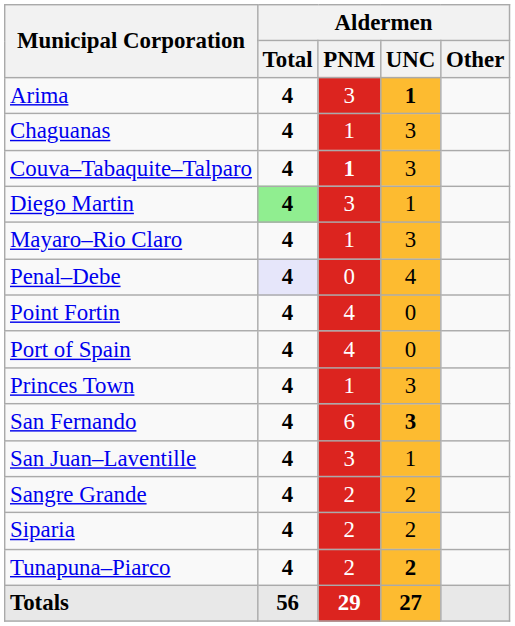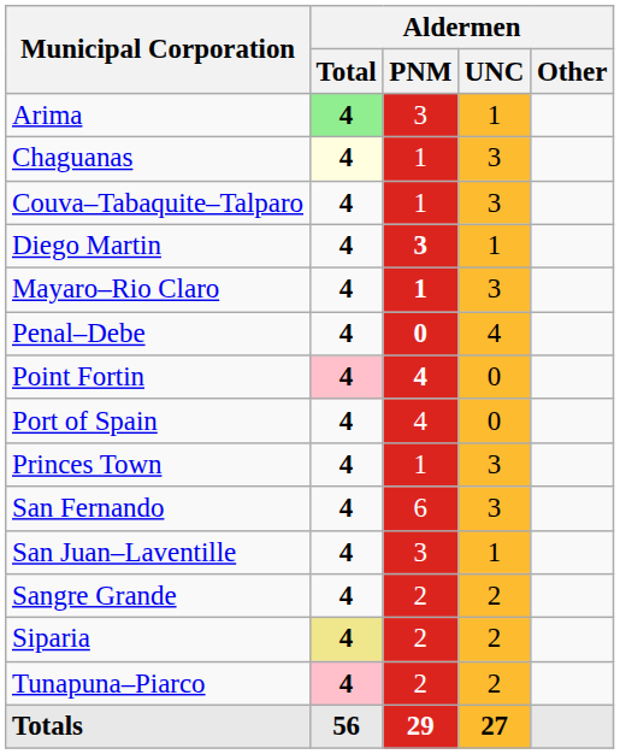 <table class="wikitable sortable" style="text-align:center">
 <tr>
 <th rowspan="2">Municipal Corporation</th>
 <th colspan="4">Aldermen</th>
 </tr>
 <tr>
 <th>Total</th>
 <th>PNM</th>
 <th>UNC</th>
 <th>Other</th>
 </tr>
 <tr>
 <td align="left"><a href='#'>Arima</a></td>
-<td><strong>4</strong></td>
+<td style="background: lightgreen;"><strong>4</strong></td>
 <td style="color:white; background:#DC241f;">3</td>
-<td style="background:#FDBB30;"><strong>1</strong></td>
+<td style="background:#FDBB30;">1</td>
 <td></td>
 </tr>
 <tr>
 <td align="left"><a href='#'>Chaguanas</a></td>
-<td><strong>4</strong></td>
+<td style="background: lightyellow;"><strong>4</strong></td>
 <td style="color:white; background:#DC241f;">1</td>
 <td style="background:#FDBB30;">3</td>
 <td></td>
 </tr>
 <tr>
 <td align="left"><a href='#'>Couva–Tabaquite–Talparo</a></td>
 <td><strong>4</strong></td>
-<td style="color:white; background:#DC241f;"><strong>1</strong></td>
+<td style="color:white; background:#DC241f;">1</td>
 <td style="background:#FDBB30;">3</td>
 <td></td>
 </tr>
 <tr>
 <td align="left"><a href='#'>Diego Martin</a></td>
-<td style="background: lightgreen;"><strong>4</strong></td>
-<td style="color:white; background:#DC241f;">3</td>
+<td><strong>4</strong></td>
+<td style="color:white; background:#DC241f;"><strong>3</strong></td>
 <td style="background:#FDBB30;">1</td>
 <td></td>
 </tr>
 <tr>
 <td align="left"><a href='#'>Mayaro–Rio Claro</a></td>
 <td><strong>4</strong></td>
-<td style="color:white; background:#DC241f;">1</td>
+<td style="color:white; background:#DC241f;"><strong>1</strong></td>
 <td style="background:#FDBB30;">3</td>
 <td></td>
 </tr>
 <tr>
 <td align="left"><a href='#'>Penal–Debe</a></td>
-<td style="background: lavender;"><strong>4</strong></td>
-<td style="color:white; background:#DC241f;">0</td>
+<td><strong>4</strong></td>
+<td style="color:white; background:#DC241f;"><strong>0</strong></td>
 <td style="background:#FDBB30;">4</td>
 <td></td>
 </tr>
 <tr>
 <td align="left"><a href='#'>Point Fortin</a></td>
-<td><strong>4</strong></td>
-<td style="color:white; background:#DC241f;">4</td>
+<td style="background: pink;"><strong>4</strong></td>
+<td style="color:white; background:#DC241f;"><strong>4</strong></td>
 <td style="background:#FDBB30;">0</td>
 <td></td>
 </tr>
 <tr>
 <td align="left"><a href='#'>Port of Spain</a></td>
 <td><strong>4</strong></td>
 <td style="color:white; background:#DC241f;">4</td>
 <td style="background:#FDBB30;">0</td>
 <td></td>
 </tr>
 <tr>
 <td align="left"><a href='#'>Princes Town</a></td>
 <td><strong>4</strong></td>
 <td style="color:white; background:#DC241f;">1</td>
 <td style="background:#FDBB30;">3</td>
 <td></td>
 </tr>
 <tr>
 <td align="left"><a href='#'>San Fernando</a></td>
 <td><strong>4</strong></td>
 <td style="color:white; background:#DC241f;">6</td>
-<td style="background:#FDBB30;"><strong>3</strong></td>
+<td style="background:#FDBB30;">3</td>
 <td></td>
 </tr>
 <tr>
 <td align="left"><a href='#'>San Juan–Laventille</a></td>
 <td><strong>4</strong></td>
 <td style="color:white; background:#DC241f;">3</td>
 <td style="background:#FDBB30;">1</td>
 <td></td>
 </tr>
 <tr>
 <td align="left"><a href='#'>Sangre Grande</a></td>
 <td><strong>4</strong></td>
 <td style="color:white; background:#DC241f;">2</td>
 <td style="background:#FDBB30;">2</td>
 <td></td>
 </tr>
 <tr>
 <td align="left"><a href='#'>Siparia</a></td>
-<td><strong>4</strong></td>
+<td style="background: khaki;"><strong>4</strong></td>
 <td style="color:white; background:#DC241f;">2</td>
 <td style="background:#FDBB30;">2</td>
 <td></td>
 </tr>
 <tr>
 <td align="left"><a href='#'>Tunapuna–Piarco</a></td>
-<td><strong>4</strong></td>
+<td style="background: pink;"><strong>4</strong></td>
 <td style="color:white; background:#DC241f;">2</td>
-<td style="background:#FDBB30;"><strong>2</strong></td>
+<td style="background:#FDBB30;">2</td>
 <td></td>
 </tr>
 <tr class="sortbottom" style="font-weight:bold; background:rgb(232,232,232);">
 <td align="left">Totals</td>
 <td>56</td>
 <td style="color:white; background:#DC241f;">29</td>
 <td style="background:#FDBB30;">27</td>
 <td></td>
 </tr>
 </table>
